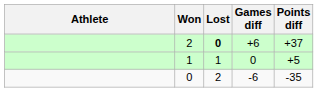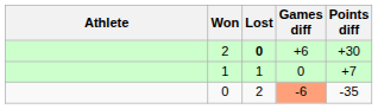 <table class="wikitable">
 <tr>
 <th style="width:15em">Athlete</th>
 <th>Won</th>
 <th>Lost</th>
 <th>Games<br>diff</th>
 <th>Points<br>diff</th>
 </tr>
 <tr bgcolor="#ccffcc">
 <td></td>
 <td align="center">2</td>
 <td align="center"><strong>0</strong></td>
 <td align="center">+6</td>
-<td align="center">+37</td>
+<td align="center">+30</td>
 </tr>
 <tr bgcolor="#ccffcc">
 <td></td>
 <td align="center">1</td>
 <td align="center">1</td>
 <td align="center">0</td>
-<td align="center">+5</td>
+<td align="center">+7</td>
 </tr>
 <tr>
 <td></td>
 <td align="center">0</td>
 <td align="center">2</td>
-<td align="center">-6</td>
+<td align="center" style="background: lightsalmon;">-6</td>
 <td align="center">-35</td>
 </tr>
 </table>
